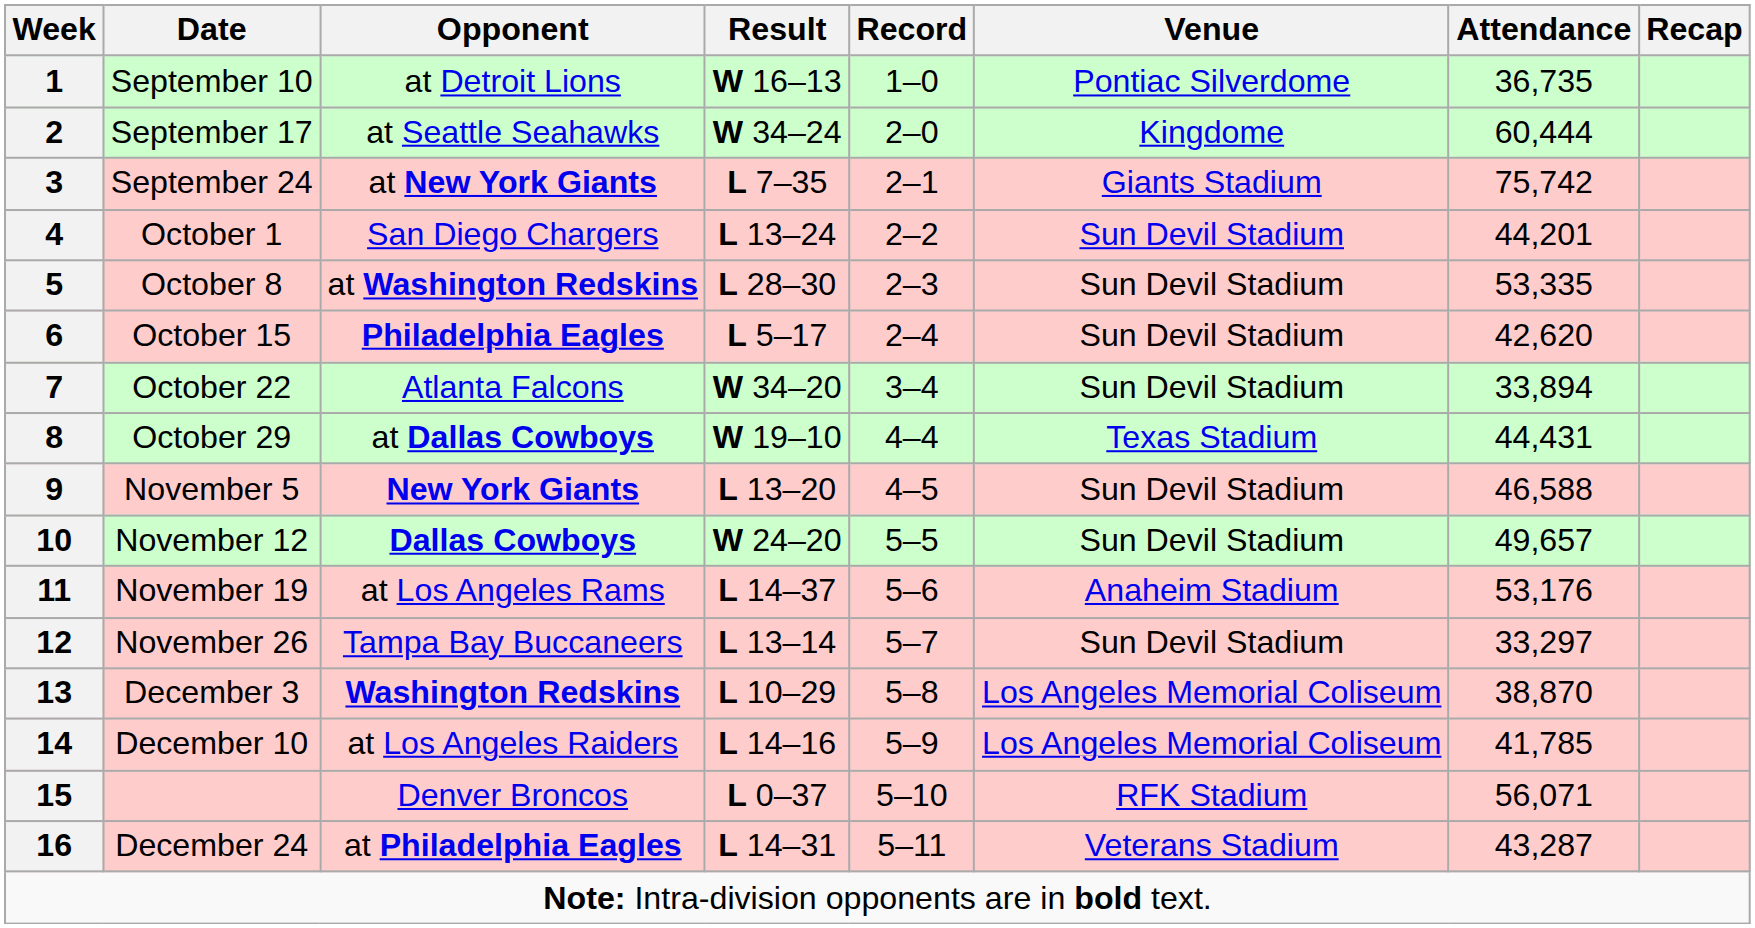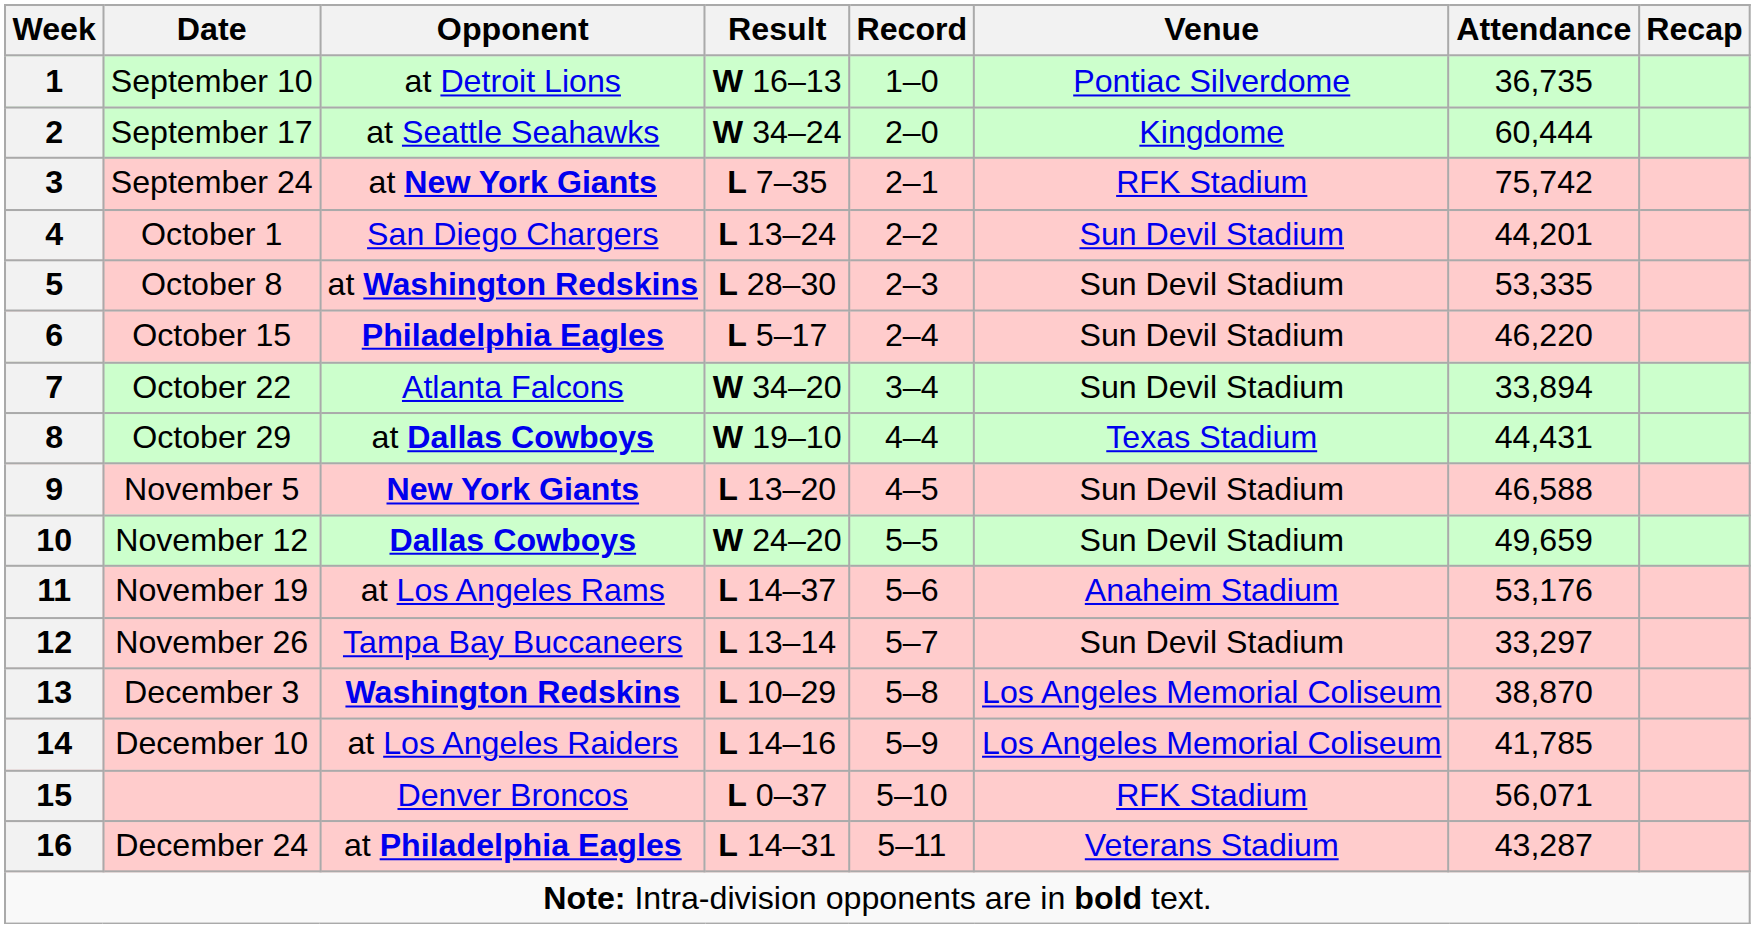 <table class="wikitable" style="text-align:center">
 <tr>
 <th>Week</th>
 <th>Date</th>
 <th>Opponent</th>
 <th>Result</th>
 <th>Record</th>
 <th>Venue</th>
 <th>Attendance</th>
 <th>Recap</th>
 </tr>
 <tr style="background:#cfc">
 <th>1</th>
 <td>September 10</td>
 <td>at <a href='#'>Detroit Lions</a></td>
 <td><strong>W</strong> 16–13</td>
 <td>1–0</td>
 <td><a href='#'>Pontiac Silverdome</a></td>
 <td>36,735</td>
 <td></td>
 </tr>
 <tr style="background:#cfc">
 <th>2</th>
 <td>September 17</td>
 <td>at <a href='#'>Seattle Seahawks</a></td>
 <td><strong>W</strong> 34–24</td>
 <td>2–0</td>
 <td><a href='#'>Kingdome</a></td>
 <td>60,444</td>
 <td></td>
 </tr>
 <tr style="background:#fcc">
 <th>3</th>
 <td>September 24</td>
 <td>at <strong><a href='#'>New York Giants</a></strong></td>
 <td><strong>L</strong> 7–35</td>
 <td>2–1</td>
-<td><a href='#'>Giants Stadium</a></td>
+<td><a href='#'>RFK Stadium</a></td>
 <td>75,742</td>
 <td></td>
 </tr>
 <tr style="background:#fcc">
 <th>4</th>
 <td>October 1</td>
 <td><a href='#'>San Diego Chargers</a></td>
 <td><strong>L</strong> 13–24</td>
 <td>2–2</td>
 <td><a href='#'>Sun Devil Stadium</a></td>
 <td>44,201</td>
 <td></td>
 </tr>
 <tr style="background:#fcc">
 <th>5</th>
 <td>October 8</td>
 <td>at <strong><a href='#'>Washington Redskins</a></strong></td>
 <td><strong>L</strong> 28–30</td>
 <td>2–3</td>
 <td>Sun Devil Stadium</td>
 <td>53,335</td>
 <td></td>
 </tr>
 <tr style="background:#fcc">
 <th>6</th>
 <td>October 15</td>
 <td><strong><a href='#'>Philadelphia Eagles</a></strong></td>
 <td><strong>L</strong> 5–17</td>
 <td>2–4</td>
 <td>Sun Devil Stadium</td>
-<td>42,620</td>
+<td>46,220</td>
 <td></td>
 </tr>
 <tr style="background:#cfc">
 <th>7</th>
 <td>October 22</td>
 <td><a href='#'>Atlanta Falcons</a></td>
 <td><strong>W</strong> 34–20</td>
 <td>3–4</td>
 <td>Sun Devil Stadium</td>
 <td>33,894</td>
 <td></td>
 </tr>
 <tr style="background:#cfc">
 <th>8</th>
 <td>October 29</td>
 <td>at <strong><a href='#'>Dallas Cowboys</a></strong></td>
 <td><strong>W</strong> 19–10</td>
 <td>4–4</td>
 <td><a href='#'>Texas Stadium</a></td>
 <td>44,431</td>
 <td></td>
 </tr>
 <tr style="background:#fcc">
 <th>9</th>
 <td>November 5</td>
 <td><strong><a href='#'>New York Giants</a></strong></td>
 <td><strong>L</strong> 13–20</td>
 <td>4–5</td>
 <td>Sun Devil Stadium</td>
 <td>46,588</td>
 <td></td>
 </tr>
 <tr style="background:#cfc">
 <th>10</th>
 <td>November 12</td>
 <td><strong><a href='#'>Dallas Cowboys</a></strong></td>
 <td><strong>W</strong> 24–20</td>
 <td>5–5</td>
 <td>Sun Devil Stadium</td>
-<td>49,657</td>
+<td>49,659</td>
 <td></td>
 </tr>
 <tr style="background:#fcc">
 <th>11</th>
 <td>November 19</td>
 <td>at <a href='#'>Los Angeles Rams</a></td>
 <td><strong>L</strong> 14–37</td>
 <td>5–6</td>
 <td><a href='#'>Anaheim Stadium</a></td>
 <td>53,176</td>
 <td></td>
 </tr>
 <tr style="background:#fcc">
 <th>12</th>
 <td>November 26</td>
 <td><a href='#'>Tampa Bay Buccaneers</a></td>
 <td><strong>L</strong> 13–14</td>
 <td>5–7</td>
 <td>Sun Devil Stadium</td>
 <td>33,297</td>
 <td></td>
 </tr>
 <tr style="background:#fcc">
 <th>13</th>
 <td>December 3</td>
 <td><strong><a href='#'>Washington Redskins</a></strong></td>
 <td><strong>L</strong> 10–29</td>
 <td>5–8</td>
 <td><a href='#'>Los Angeles Memorial Coliseum</a></td>
 <td>38,870</td>
 <td></td>
 </tr>
 <tr style="background:#fcc">
 <th>14</th>
 <td>December 10</td>
 <td>at <a href='#'>Los Angeles Raiders</a></td>
 <td><strong>L</strong> 14–16</td>
 <td>5–9</td>
 <td><a href='#'>Los Angeles Memorial Coliseum</a></td>
 <td>41,785</td>
 <td></td>
 </tr>
 <tr style="background:#fcc">
 <th>15</th>
 <td></td>
 <td><a href='#'>Denver Broncos</a></td>
 <td><strong>L</strong> 0–37</td>
 <td>5–10</td>
 <td><a href='#'>RFK Stadium</a></td>
 <td>56,071</td>
 <td></td>
 </tr>
 <tr style="background:#fcc">
 <th>16</th>
 <td>December 24</td>
 <td>at <strong><a href='#'>Philadelphia Eagles</a></strong></td>
 <td><strong>L</strong> 14–31</td>
 <td>5–11</td>
 <td><a href='#'>Veterans Stadium</a></td>
 <td>43,287</td>
 <td></td>
 </tr>
 <tr>
 <td colspan="8"><strong>Note:</strong> Intra-division opponents are in <strong>bold</strong> text.</td>
 </tr>
 </table>
